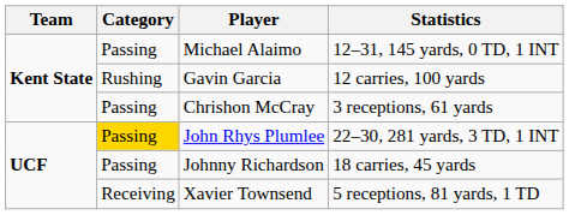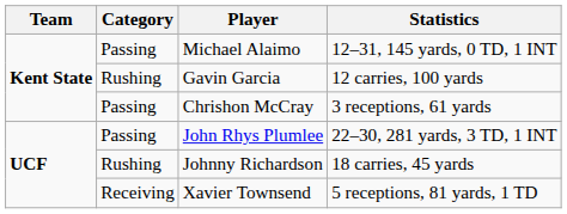 <table class="wikitable" style="float: right;">
 <tr>
 <th>Team</th>
 <th>Category</th>
 <th>Player</th>
 <th>Statistics</th>
 </tr>
 <tr>
 <td rowspan=3><strong>Kent State</strong></td>
 <td>Passing</td>
 <td>Michael Alaimo</td>
 <td>12–31, 145 yards, 0 TD, 1 INT</td>
 </tr>
 <tr>
 <td>Rushing</td>
 <td>Gavin Garcia</td>
 <td>12 carries, 100 yards</td>
 </tr>
 <tr>
 <td>Passing</td>
 <td>Chrishon McCray</td>
 <td>3 receptions, 61 yards</td>
 </tr>
 <tr>
 <td rowspan=3><strong>UCF</strong></td>
-<td style="background: gold;">Passing</td>
+<td>Passing</td>
 <td><a href='#'>John Rhys Plumlee</a></td>
 <td>22–30, 281 yards, 3 TD, 1 INT</td>
 </tr>
 <tr>
-<td>Passing</td>
+<td>Rushing</td>
 <td>Johnny Richardson</td>
 <td>18 carries, 45 yards</td>
 </tr>
 <tr>
 <td>Receiving</td>
 <td>Xavier Townsend</td>
 <td>5 receptions, 81 yards, 1 TD</td>
 </tr>
 </table>
